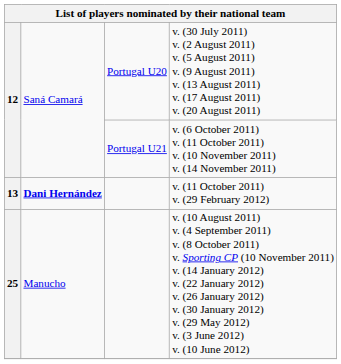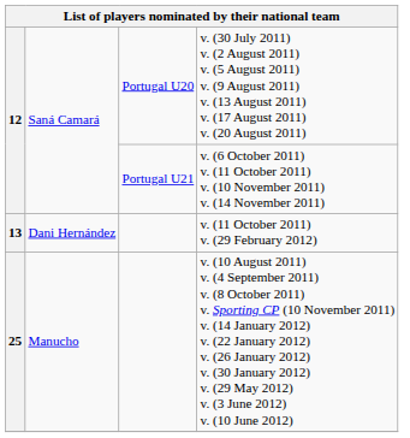 <table class="wikitable collapsible collapsed" style="font-size: 85%">
 <tr>
 <th colspan="4">List of players nominated by their national team</th>
 </tr>
 <tr>
 <th rowspan="2">12</th>
 <td rowspan="2"><a href='#'>Saná Camará</a></td>
 <td> <a href='#'>Portugal U20</a></td>
 <td>v.  (30 July 2011)<br>v.  (2 August 2011)<br>v.  (5 August 2011)<br>v.  (9 August 2011)<br>v.  (13 August 2011)<br>v.  (17 August 2011)<br>v.  (20 August 2011)</td>
 </tr>
 <tr>
 <td> <a href='#'>Portugal U21</a></td>
 <td>v.  (6 October 2011)<br>v.  (11 October 2011)<br>v.  (10 November 2011)<br>v.  (14 November 2011)</td>
 </tr>
 <tr>
 <th>13</th>
-<td><strong><a href='#'>Dani Hernández</a></strong></td>
+<td><a href='#'>Dani Hernández</a></td>
 <td></td>
 <td>v.  (11 October 2011)<br>v.  (29 February 2012)</td>
 </tr>
 <tr>
 <th>25</th>
 <td><a href='#'>Manucho</a></td>
 <td></td>
 <td>v.  (10 August 2011)<br>v.  (4 September 2011)<br>v.  (8 October 2011)<br>v.  <em><a href='#'>Sporting CP</a></em> (10 November 2011)<br>v.  (14 January 2012)<br>v.  (22 January 2012)<br>v.  (26 January 2012)<br>v.  (30 January 2012)<br>v.  (29 May 2012)<br>v.  (3 June 2012)<br>v.  (10 June 2012)</td>
 </tr>
 <tr>
 </tr>
 </table>
